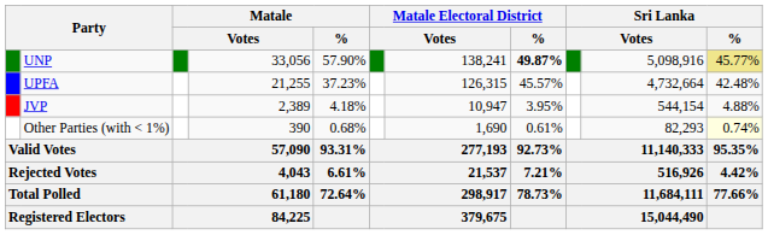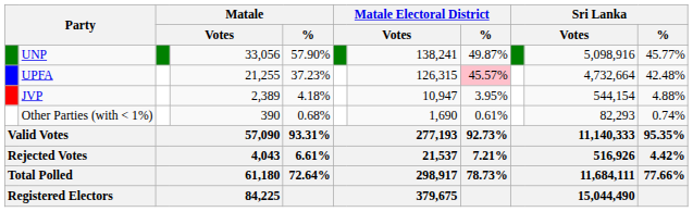 <table class="wikitable">
 <tr>
 <th colspan="2" width="144px"rowspan="2">Party</th>
 <th colspan="3" width="216px">Matale</th>
 <th colspan="3" width="216px"><a href='#'>Matale Electoral District</a></th>
 <th colspan="3" width="216px">Sri Lanka</th>
 </tr>
 <tr>
 <th colspan="2" width="144px">Votes</th>
 <th>%</th>
 <th colspan="2" width="144px">Votes</th>
 <th>%</th>
 <th colspan="2" width="144px">Votes</th>
 <th>%</th>
 </tr>
 <tr>
 <td style="background-color:green;" width="10px"></td>
 <td style="text-align:left;"><a href='#'>UNP</a></td>
 <td style="background-color:green;" width="10px"></td>
 <td style="text-align:right;">33,056</td>
 <td style="text-align:right;">57.90%</td>
 <td style="background-color:green;" width="10px"></td>
 <td style="text-align:right;">138,241</td>
-<td style="text-align:right;"><strong>49.87%</strong></td>
+<td style="text-align:right;">49.87%</td>
 <td style="background-color:green;" width="10px"></td>
 <td style="text-align:right;">5,098,916</td>
-<td style="background: khaki; text-align:right;">45.77%</td>
+<td style="text-align:right;">45.77%</td>
 </tr>
 <tr>
 <td style="background-color:blue;" width="10px"></td>
 <td style="text-align:left;"><a href='#'>UPFA</a></td>
 <td style="background-color:white;" width="10px"></td>
 <td style="text-align:right;">21,255</td>
 <td style="text-align:right;">37.23%</td>
 <td style="background-color:white;" width="10px"></td>
 <td style="text-align:right;">126,315</td>
-<td style="text-align:right;">45.57%</td>
+<td style="background: pink; text-align:right;">45.57%</td>
 <td style="background-color:white;" width="10px"></td>
 <td style="text-align:right;">4,732,664</td>
 <td style="text-align:right;">42.48%</td>
 </tr>
 <tr>
 <td style="background-color:red;" width="10px"></td>
 <td style="text-align:left;"><a href='#'>JVP</a></td>
 <td style="background-color:white;" width="10px"></td>
 <td style="text-align:right;">2,389</td>
 <td style="text-align:right;">4.18%</td>
 <td style="background-color:white;" width="10px"></td>
 <td style="text-align:right;">10,947</td>
 <td style="text-align:right;">3.95%</td>
 <td style="background-color:white;" width="10px"></td>
 <td style="text-align:right;">544,154</td>
 <td style="text-align:right;">4.88%</td>
 </tr>
 <tr>
 <td style="background-color:white;" width="10px"></td>
 <td style="text-align:left;">Other Parties (with < 1%)</td>
 <td style="background-color:white;" width="10px"></td>
 <td style="text-align:right;">390</td>
 <td style="text-align:right;">0.68%</td>
 <td style="background-color:white;" width="10px"></td>
 <td style="text-align:right;">1,690</td>
 <td style="text-align:right;">0.61%</td>
 <td style="background-color:white;" width="10px"></td>
 <td style="text-align:right;">82,293</td>
-<td style="background: lightyellow; text-align:right;">0.74%</td>
+<td style="text-align:right;">0.74%</td>
 </tr>
 <tr>
 <th colspan="2" width="144px"style="text-align:left;">Valid Votes</th>
 <th style="text-align:right;"colspan="2" width="144px">57,090</th>
 <th style="text-align:right;">93.31%</th>
 <th style="text-align:right;"colspan="2" width="144px">277,193</th>
 <th style="text-align:right;">92.73%</th>
 <th style="text-align:right;"colspan="2" width="144px">11,140,333</th>
 <th style="text-align:right;">95.35%</th>
 </tr>
 <tr>
 <th colspan="2" width="144px"style="text-align:left;">Rejected Votes</th>
 <th style="text-align:right;"colspan="2" width="144px">4,043</th>
 <th style="text-align:right;">6.61%</th>
 <th style="text-align:right;"colspan="2" width="144px">21,537</th>
 <th style="text-align:right;">7.21%</th>
 <th style="text-align:right;"colspan="2" width="144px">516,926</th>
 <th style="text-align:right;">4.42%</th>
 </tr>
 <tr>
 <th colspan="2" width="144px"style="text-align:left;">Total Polled</th>
 <th style="text-align:right;"colspan="2" width="144px">61,180</th>
 <th style="text-align:right;">72.64%</th>
 <th style="text-align:right;"colspan="2" width="144px">298,917</th>
 <th style="text-align:right;">78.73%</th>
 <th style="text-align:right;"colspan="2" width="144px">11,684,111</th>
 <th style="text-align:right;">77.66%</th>
 </tr>
 <tr>
 <th colspan="2" width="144px"style="text-align:left;">Registered Electors</th>
 <th style="text-align:right;"colspan="2" width="144px">84,225</th>
 <th></th>
 <th style="text-align:right;"colspan="2" width="144px">379,675</th>
 <th></th>
 <th style="text-align:right;"colspan="2" width="144px">15,044,490</th>
 <th></th>
 </tr>
 </table>
